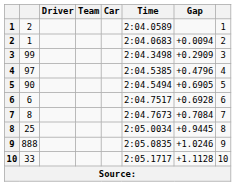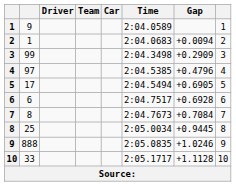 <table class="wikitable" style="font-size: 85%">
 <tr>
 <th></th>
 <th></th>
 <th>Driver</th>
 <th>Team</th>
 <th>Car</th>
 <th>Time</th>
 <th>Gap</th>
 <th></th>
 </tr>
 <tr>
 <th>1</th>
-<td align="center">2</td>
+<td align="center">9</td>
 <td></td>
 <td></td>
 <td></td>
 <td>2:04.0589</td>
 <td></td>
 <td align="center">1</td>
 </tr>
 <tr>
 <th>2</th>
 <td align="center">1</td>
 <td></td>
 <td></td>
 <td></td>
 <td>2:04.0683</td>
 <td align="right">+0.0094</td>
 <td align="center">2</td>
 </tr>
 <tr>
 <th>3</th>
 <td align="center">99</td>
 <td></td>
 <td></td>
 <td></td>
 <td>2:04.3498</td>
 <td align="right">+0.2909</td>
 <td align="center">3</td>
 </tr>
 <tr>
 <th>4</th>
 <td align="center">97</td>
 <td></td>
 <td></td>
 <td></td>
 <td>2:04.5385</td>
 <td align="right">+0.4796</td>
 <td align="center">4</td>
 </tr>
 <tr>
 <th>5</th>
-<td align="center">90</td>
+<td align="center">17</td>
 <td></td>
 <td></td>
 <td></td>
 <td>2:04.5494</td>
 <td align="right">+0.6905</td>
 <td align="center">5</td>
 </tr>
 <tr>
 <th>6</th>
 <td align="center">6</td>
 <td></td>
 <td></td>
 <td></td>
 <td>2:04.7517</td>
 <td align="right">+0.6928</td>
 <td align="center">6</td>
 </tr>
 <tr>
 <th>7</th>
 <td align="center">8</td>
 <td></td>
 <td></td>
 <td></td>
 <td>2:04.7673</td>
 <td align="right">+0.7084</td>
 <td align="center">7</td>
 </tr>
 <tr>
 <th>8</th>
 <td align="center">25</td>
 <td></td>
 <td></td>
 <td></td>
 <td>2:05.0034</td>
 <td align="right">+0.9445</td>
 <td align="center">8</td>
 </tr>
 <tr>
 <th>9</th>
 <td align="center">888</td>
 <td></td>
 <td></td>
 <td></td>
 <td>2:05.0835</td>
 <td align="right">+1.0246</td>
 <td align="center">9</td>
 </tr>
 <tr>
 <th>10</th>
 <td align="center">33</td>
 <td></td>
 <td></td>
 <td></td>
 <td>2:05.1717</td>
 <td align="right">+1.1128</td>
 <td align="center">10</td>
 </tr>
 <tr>
 <th colspan="8">Source:</th>
 </tr>
 </table>
